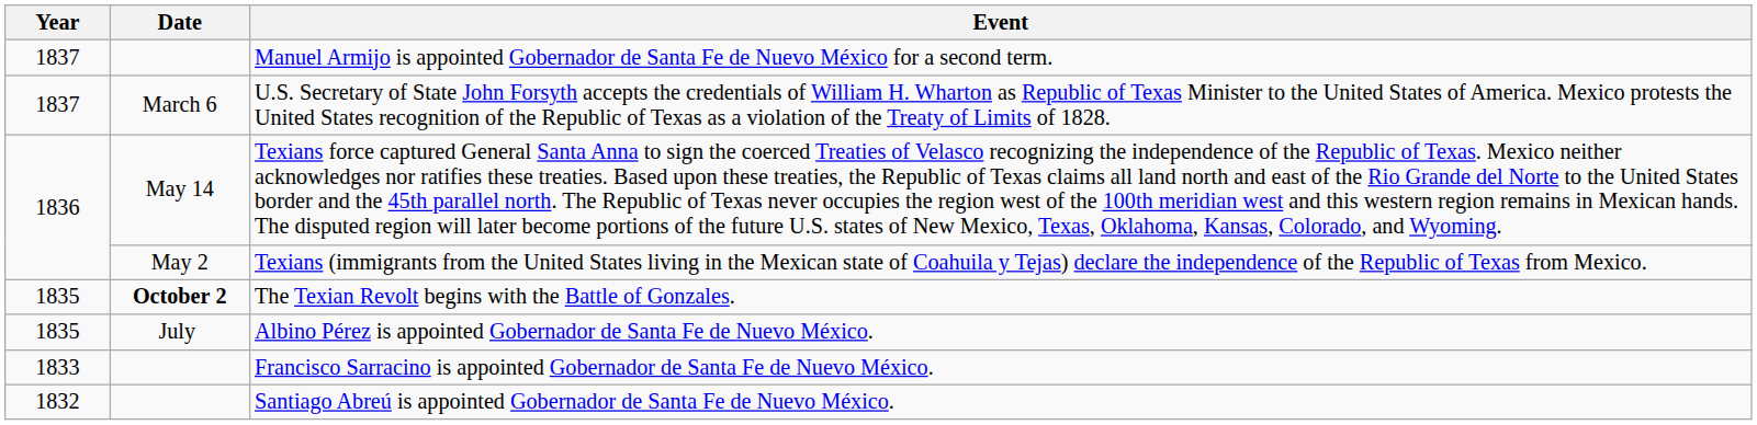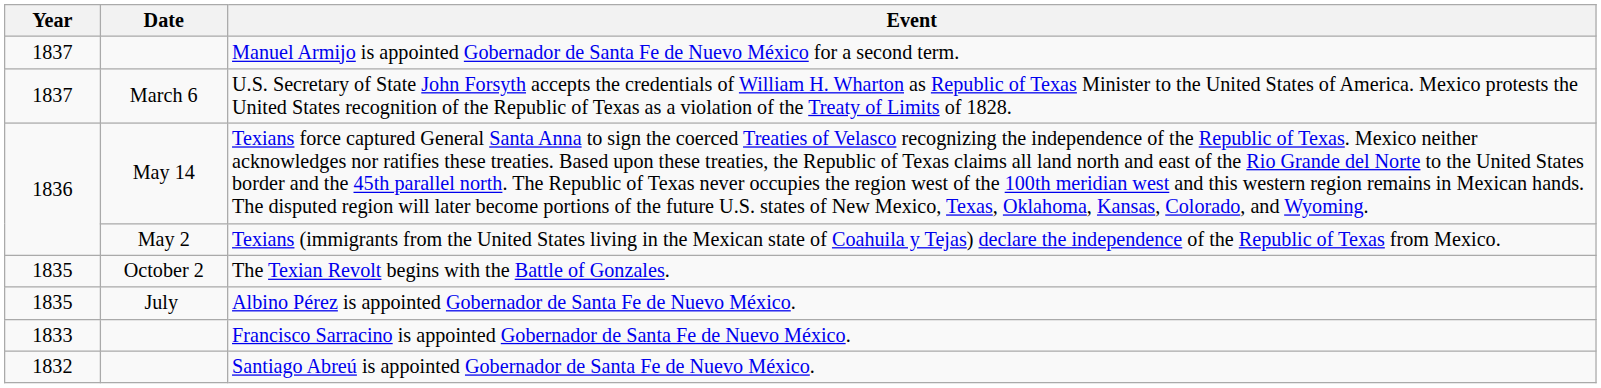 <table class="wikitable" style="width:100%;">
 <tr>
 <th style="width:6%">Year</th>
 <th style="width:8%">Date</th>
 <th style="width:86%">Event</th>
 </tr>
 <tr>
 <td align=center rowspan=1>1837</td>
 <td align=center> </td>
 <td><a href='#'>Manuel Armijo</a> is appointed <a href='#'>Gobernador de Santa Fe de Nuevo México</a> for a second term.</td>
 </tr>
 <tr>
 <td align=center rowspan=1>1837</td>
 <td align=center>March 6</td>
 <td>U.S. Secretary of State <a href='#'>John Forsyth</a> accepts the credentials of <a href='#'>William H. Wharton</a> as <a href='#'>Republic of Texas</a> Minister to the United States of America. Mexico protests the United States recognition of the Republic of Texas as a violation of the <a href='#'>Treaty of Limits</a> of 1828.</td>
 </tr>
 <tr>
 <td align=center rowspan=2>1836</td>
 <td align=center>May 14</td>
 <td><a href='#'>Texians</a> force captured General <a href='#'>Santa Anna</a> to sign the coerced <a href='#'>Treaties of Velasco</a> recognizing the independence of the <a href='#'>Republic of Texas</a>. Mexico neither acknowledges nor ratifies these treaties.  Based upon these treaties, the Republic of Texas claims all land north and east of the <a href='#'>Rio Grande del Norte</a> to the United States border and the <a href='#'>45th parallel north</a>.  The Republic of Texas never occupies the region west of the <a href='#'>100th meridian west</a> and this western region remains in Mexican hands.  The disputed region will later become portions of the future U.S. states of New Mexico, <a href='#'>Texas</a>, <a href='#'>Oklahoma</a>, <a href='#'>Kansas</a>, <a href='#'>Colorado</a>, and <a href='#'>Wyoming</a>.</td>
 </tr>
 <tr>
 <td align=center>May 2</td>
 <td><a href='#'>Texians</a> (immigrants from the United States living in the Mexican state of <a href='#'>Coahuila y Tejas</a>) <a href='#'>declare the independence</a> of the <a href='#'>Republic of Texas</a> from Mexico.</td>
 </tr>
 <tr>
 <td align=center rowspan=1>1835</td>
-<td align=center><strong>October 2</strong></td>
+<td align=center>October 2</td>
 <td>The <a href='#'>Texian Revolt</a> begins with the <a href='#'>Battle of Gonzales</a>.</td>
 </tr>
 <tr>
 <td align=center rowspan=1>1835</td>
 <td align=center>July </td>
 <td><a href='#'>Albino Pérez</a> is appointed <a href='#'>Gobernador de Santa Fe de Nuevo México</a>.</td>
 </tr>
 <tr>
 <td align=center rowspan=1>1833</td>
 <td align=center> </td>
 <td><a href='#'>Francisco Sarracino</a> is appointed <a href='#'>Gobernador de Santa Fe de Nuevo México</a>.</td>
 </tr>
 <tr>
 <td align=center rowspan=1>1832</td>
 <td align=center> </td>
 <td><a href='#'>Santiago Abreú</a> is appointed <a href='#'>Gobernador de Santa Fe de Nuevo México</a>.</td>
 </tr>
 </table>
